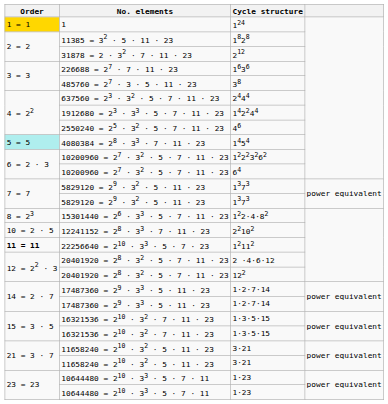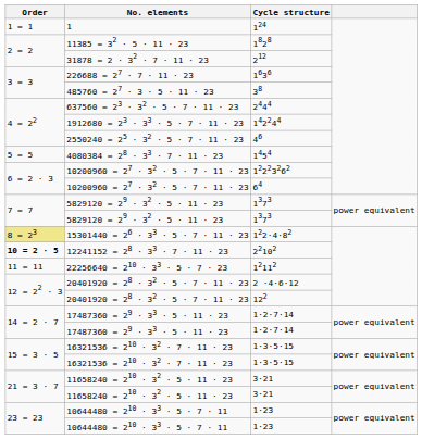 <table class="wikitable" style="margin: 1em auto;">
 <tr>
 <th>Order</th>
 <th>No. elements</th>
 <th>Cycle structure</th>
 <th></th>
 </tr>
 <tr>
-<td style="background: gold;">1 = 1</td>
+<td>1 = 1</td>
 <td>1</td>
 <td>1<sup>24</sup></td>
 </tr>
 <tr>
 <td rowspan="2">2 = 2</td>
 <td>11385 = 3<sup>2</sup> · 5 · 11 · 23</td>
 <td>1<sup>8</sup>2<sup>8</sup></td>
 </tr>
 <tr>
 <td>31878 = 2 · 3<sup>2</sup> · 7 · 11 · 23</td>
 <td>2<sup>12</sup></td>
 </tr>
 <tr>
 <td rowspan="2">3 = 3</td>
 <td>226688 = 2<sup>7</sup> · 7 · 11 · 23</td>
 <td>1<sup>6</sup>3<sup>6</sup></td>
 </tr>
 <tr>
 <td>485760 = 2<sup>7</sup> · 3 · 5 · 11 · 23</td>
 <td>3<sup>8</sup></td>
 </tr>
 <tr>
 <td rowspan="3">4 = 2<sup>2</sup></td>
 <td>637560 = 2<sup>3</sup> · 3<sup>2</sup> · 5 · 7 · 11 · 23</td>
 <td>2<sup>4</sup>4<sup>4</sup></td>
 </tr>
 <tr>
 <td>1912680 = 2<sup>3</sup> · 3<sup>3</sup> · 5 · 7 · 11 · 23</td>
 <td>1<sup>4</sup>2<sup>2</sup>4<sup>4</sup></td>
 </tr>
 <tr>
 <td>2550240 = 2<sup>5</sup> · 3<sup>2</sup> · 5 · 7 · 11 · 23</td>
 <td>4<sup>6</sup></td>
 </tr>
 <tr>
-<td style="background: paleturquoise;">5 = 5</td>
+<td>5 = 5</td>
 <td>4080384 = 2<sup>8</sup> · 3<sup>3</sup> · 7 · 11 · 23</td>
 <td>1<sup>4</sup>5<sup>4</sup></td>
 </tr>
 <tr>
 <td rowspan="2">6 = 2 · 3</td>
 <td>10200960 = 2<sup>7</sup> · 3<sup>2</sup> · 5 · 7 · 11 · 23</td>
 <td>1<sup>2</sup>2<sup>2</sup>3<sup>2</sup>6<sup>2</sup></td>
 </tr>
 <tr>
 <td>10200960 = 2<sup>7</sup> · 3<sup>2</sup> · 5 · 7 · 11 · 23</td>
 <td>6<sup>4</sup></td>
 </tr>
 <tr>
 <td rowspan="2">7 = 7</td>
 <td>5829120 = 2<sup>9</sup> · 3<sup>2</sup> · 5 · 11 · 23</td>
 <td>1<sup>3</sup>7<sup>3</sup></td>
 <td rowspan="2">power equivalent</td>
 </tr>
 <tr>
 <td> 5829120 = 2<sup>9</sup> · 3<sup>2</sup> · 5 · 11 · 23</td>
 <td>1<sup>3</sup>7<sup>3</sup></td>
 </tr>
 <tr>
-<td>8 = 2<sup>3</sup></td>
+<td style="background: khaki;">8 = 2<sup>3</sup></td>
 <td>15301440 = 2<sup>6</sup> · 3<sup>3</sup> · 5 · 7 · 11 · 23</td>
 <td>1<sup>2</sup>2·4·8<sup>2</sup></td>
 </tr>
 <tr>
-<td>10 = 2 · 5</td>
+<td><strong>10 = 2 · 5</strong></td>
 <td>12241152 = 2<sup>8</sup> · 3<sup>3</sup> · 7 · 11 · 23</td>
 <td>2<sup>2</sup>10<sup>2</sup></td>
 </tr>
 <tr>
-<td><strong>11 = 11</strong></td>
+<td>11 = 11</td>
 <td>22256640 = 2<sup>10</sup> · 3<sup>3</sup> · 5 · 7 · 23</td>
 <td>1<sup>2</sup>11<sup>2</sup></td>
 </tr>
 <tr>
 <td rowspan="2">12 = 2<sup>2</sup> · 3</td>
 <td>20401920 = 2<sup>8</sup> · 3<sup>2</sup> · 5 · 7 · 11 · 23</td>
 <td>2 ·4·6·12</td>
 </tr>
 <tr>
 <td>20401920 = 2<sup>8</sup> · 3<sup>2</sup> · 5 · 7 · 11 · 23</td>
 <td>12<sup>2</sup></td>
 </tr>
 <tr>
 <td rowspan="2">14 = 2 · 7</td>
 <td>17487360 = 2<sup>9</sup> · 3<sup>3</sup> · 5 · 11 · 23</td>
 <td>1·2·7·14</td>
 <td rowspan="2">power equivalent</td>
 </tr>
 <tr>
 <td>17487360 = 2<sup>9</sup> · 3<sup>3</sup> · 5 · 11 · 23</td>
 <td>1·2·7·14</td>
 </tr>
 <tr>
 <td rowspan="2">15 = 3 · 5</td>
 <td>16321536 = 2<sup>10</sup> · 3<sup>2</sup> · 7 · 11 · 23</td>
 <td>1·3·5·15</td>
 <td rowspan="2">power equivalent</td>
 </tr>
 <tr>
 <td>16321536 = 2<sup>10</sup> · 3<sup>2</sup> · 7 · 11 · 23</td>
 <td>1·3·5·15</td>
 </tr>
 <tr>
 <td rowspan="2">21 = 3 · 7</td>
 <td>11658240 = 2<sup>10</sup> · 3<sup>2</sup> · 5 · 11 · 23</td>
 <td>3·21</td>
 <td rowspan="2">power equivalent</td>
 </tr>
 <tr>
 <td>11658240 = 2<sup>10</sup> · 3<sup>2</sup> · 5 · 11 · 23</td>
 <td>3·21</td>
 </tr>
 <tr>
 <td rowspan="2">23 = 23</td>
 <td>10644480 = 2<sup>10</sup> · 3<sup>3</sup> · 5 · 7 · 11</td>
 <td>1·23</td>
 <td rowspan="2">power equivalent</td>
 </tr>
 <tr>
 <td>10644480 = 2<sup>10</sup> · 3<sup>3</sup> · 5 · 7 · 11</td>
 <td>1·23</td>
 </tr>
 </table>
